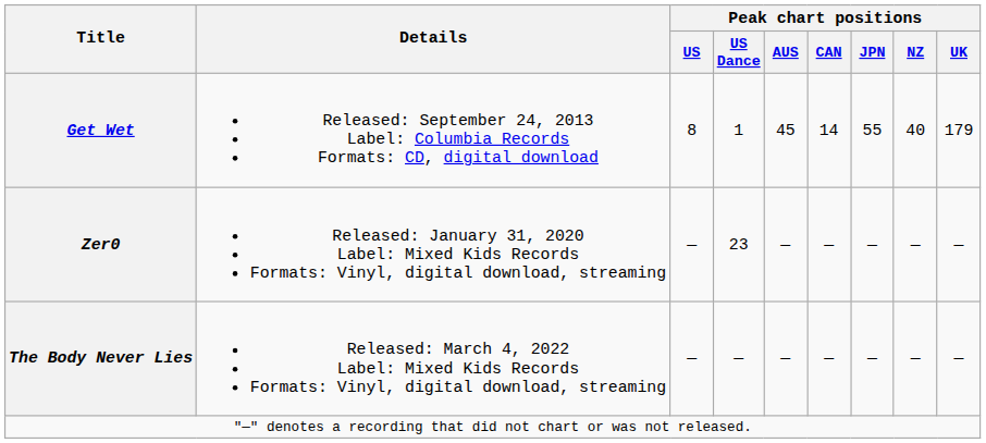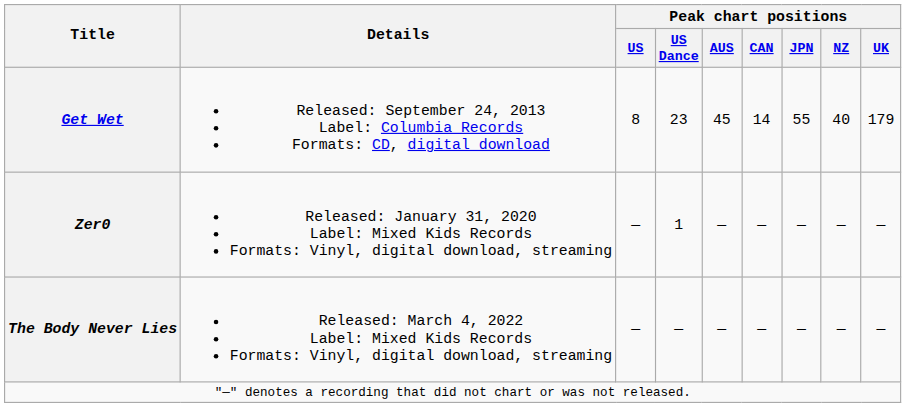 <table class="wikitable plainrowheaders" style="text-align:center;">
 <tr>
 <th scope="col" rowspan="2">Title</th>
 <th scope="col" rowspan="2">Details</th>
 <th scope="col" colspan="7">Peak chart positions</th>
 </tr>
 <tr>
 <th scope="col" style="width:2.5em;font-size:90%;"><a href='#'>US</a><br></th>
 <th scope="col" style="width:2.5em;font-size:90%;"><a href='#'>US<br>Dance</a><br></th>
 <th scope="col" style="width:2.5em;font-size:90%;"><a href='#'>AUS</a><br></th>
 <th scope="col" style="width:2.5em;font-size:90%;"><a href='#'>CAN</a><br></th>
 <th scope="col" style="width:2.5em;font-size:90%;"><a href='#'>JPN</a><br></th>
 <th scope="col" style="width:2.5em;font-size:90%;"><a href='#'>NZ</a><br></th>
 <th scope="col" style="width:2.5em;font-size:90%;"><a href='#'>UK</a><br></th>
 </tr>
 <tr>
 <th scope="row"><em><a href='#'>Get Wet</a></em></th>
 <td><br><ul><li>Released: September 24, 2013</li><li>Label: <a href='#'>Columbia Records</a></li><li>Formats: <a href='#'>CD</a>, <a href='#'>digital download</a></li></ul></td>
 <td>8</td>
-<td>1</td>
+<td>23</td>
 <td>45</td>
 <td>14</td>
 <td>55</td>
 <td>40</td>
 <td>179</td>
 </tr>
 <tr>
 <th scope="row"><em>Zer0</em></th>
 <td><br><ul><li>Released: January 31, 2020</li><li>Label: Mixed Kids Records</li><li>Formats: Vinyl, digital download, streaming</li></ul></td>
 <td>—</td>
-<td>23</td>
+<td>1</td>
 <td>—</td>
 <td>—</td>
 <td>—</td>
 <td>—</td>
 <td>—</td>
 </tr>
 <tr>
 <th scope="row"><em>The Body Never Lies</em></th>
 <td><br><ul><li>Released: March 4, 2022</li><li>Label: Mixed Kids Records</li><li>Formats: Vinyl, digital download, streaming</li></ul></td>
 <td>—</td>
 <td>—</td>
 <td>—</td>
 <td>—</td>
 <td>—</td>
 <td>—</td>
 <td>—</td>
 </tr>
 <tr>
 <td colspan="10" style="font-size:85%">"—" denotes a recording that did not chart or was not released.</td>
 </tr>
 </table>
